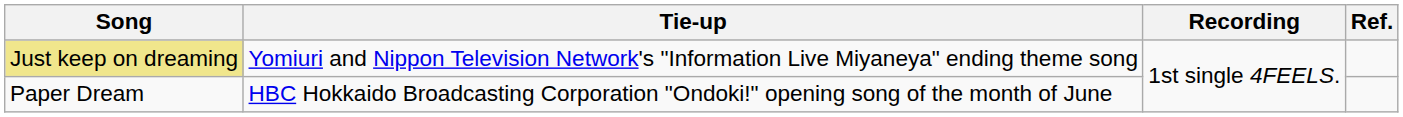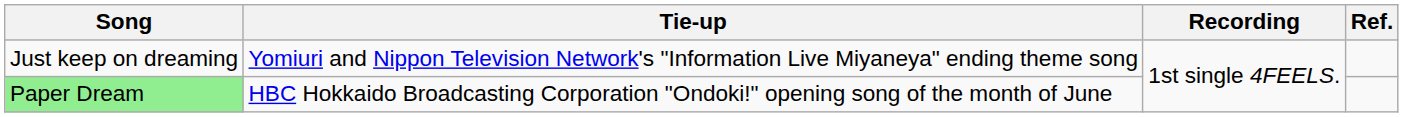 <table class="wikitable">
 <tr>
 <th>Song</th>
 <th>Tie-up</th>
 <th>Recording</th>
 <th>Ref.</th>
 </tr>
 <tr>
-<td style="background: khaki;">Just keep on dreaming</td>
+<td>Just keep on dreaming</td>
 <td><a href='#'>Yomiuri</a> and <a href='#'>Nippon Television Network</a>'s "Information Live Miyaneya" ending theme song</td>
 <td rowspan="2">1st single <em>4FEELS</em>.</td>
 <td></td>
 </tr>
 <tr>
-<td>Paper Dream</td>
+<td style="background: lightgreen;">Paper Dream</td>
 <td><a href='#'>HBC</a> Hokkaido Broadcasting Corporation "Ondoki!" opening song of the month of June</td>
 <td></td>
 </tr>
 </table>
